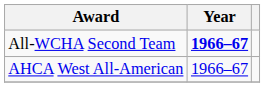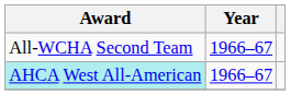 <table class="wikitable">
 <tr>
 <th>Award</th>
 <th>Year</th>
 <th></th>
 </tr>
 <tr>
 <td>All-<a href='#'>WCHA</a> <a href='#'>Second Team</a></td>
-<td><strong><a href='#'>1966–67</a></strong></td>
+<td><a href='#'>1966–67</a></td>
 <td></td>
 </tr>
 <tr>
-<td><a href='#'>AHCA</a> <a href='#'>West All-American</a></td>
+<td style="background: paleturquoise;"><a href='#'>AHCA</a> <a href='#'>West All-American</a></td>
 <td><a href='#'>1966–67</a></td>
 <td></td>
 </tr>
 <tr>
 </tr>
 </table>
